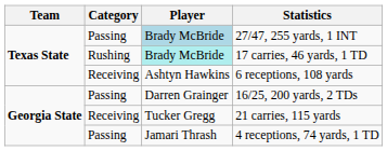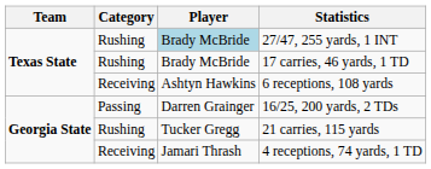 <table class="wikitable" style="float: left;">
 <tr>
 <th>Team</th>
 <th>Category</th>
 <th>Player</th>
 <th>Statistics</th>
 </tr>
 <tr>
 <td rowspan=3><strong>Texas State</strong></td>
-<td>Passing</td>
+<td>Rushing</td>
 <td style="background: lightblue;">Brady McBride</td>
 <td>27/47, 255 yards, 1 INT</td>
 </tr>
 <tr>
 <td>Rushing</td>
-<td style="background: paleturquoise;">Brady McBride</td>
+<td>Brady McBride</td>
 <td>17 carries, 46 yards, 1 TD</td>
 </tr>
 <tr>
 <td>Receiving</td>
 <td>Ashtyn Hawkins</td>
 <td>6 receptions, 108 yards</td>
 </tr>
 <tr>
 <td rowspan=3><strong>Georgia State</strong></td>
 <td>Passing</td>
 <td>Darren Grainger</td>
 <td>16/25, 200 yards, 2 TDs</td>
 </tr>
 <tr>
-<td>Receiving</td>
+<td>Rushing</td>
 <td>Tucker Gregg</td>
 <td>21 carries, 115 yards</td>
 </tr>
 <tr>
-<td>Passing</td>
+<td>Receiving</td>
 <td>Jamari Thrash</td>
 <td>4 receptions, 74 yards, 1 TD</td>
 </tr>
 </table>
